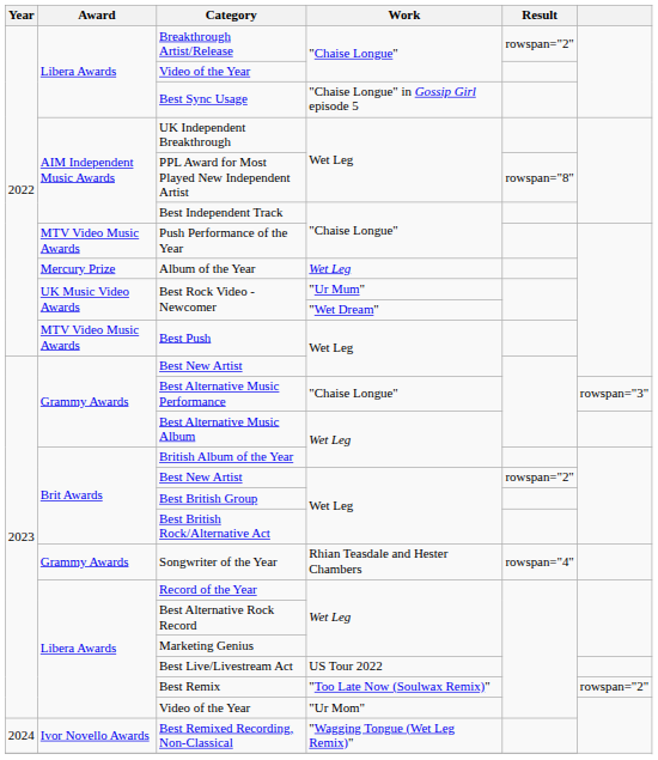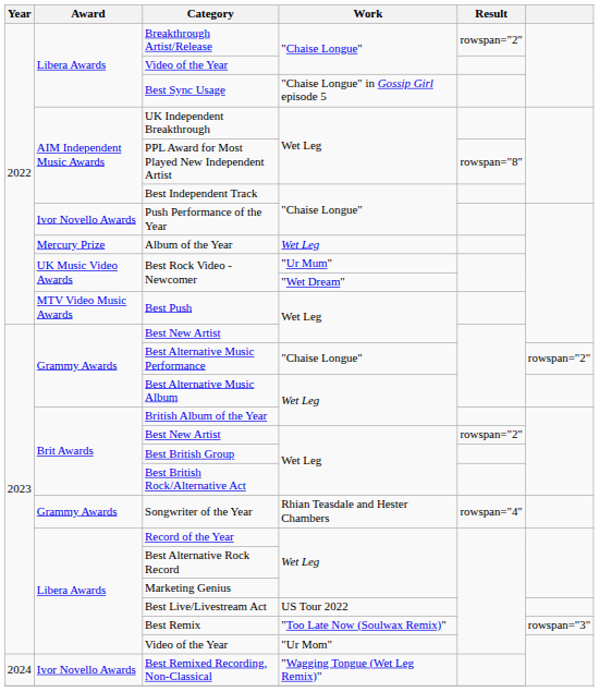 <table class="wikitable" style="width:90%;">
 <tr>
 <th width=5%>Year</th>
 <th style="width:20%;">Award</th>
 <th style="width:25%;">Category</th>
 <th style="width:35%;">Work</th>
 <th style="width:10%;">Result</th>
 <th scope="col" class="unsortable"></th>
 </tr>
 <tr>
 <td rowspan="11">2022</td>
 <td rowspan="3"><a href='#'>Libera Awards</a></td>
 <td><a href='#'>Breakthrough Artist/Release</a></td>
 <td rowspan="2">"<a href='#'>Chaise Longue</a>"</td>
 <td>rowspan="2" </td>
 <td rowspan="3"></td>
 </tr>
 <tr>
 <td><a href='#'>Video of the Year</a></td>
 </tr>
 <tr>
 <td><a href='#'>Best Sync Usage</a></td>
 <td>"Chaise Longue" in <em><a href='#'>Gossip Girl</a></em> episode 5</td>
 <td></td>
 </tr>
 <tr>
 <td rowspan="3"><a href='#'>AIM Independent Music Awards</a></td>
 <td>UK Independent Breakthrough</td>
 <td rowspan="2">Wet Leg</td>
 <td></td>
 <td rowspan="3"></td>
 </tr>
 <tr>
 <td>PPL Award for Most Played New Independent Artist</td>
 <td>rowspan="8" </td>
 </tr>
 <tr>
 <td>Best Independent Track</td>
 <td rowspan=2>"Chaise Longue"</td>
 </tr>
 <tr>
-<td><a href='#'>MTV Video Music Awards</a></td>
+<td><a href='#'>Ivor Novello Awards</a></td>
 <td>Push Performance of the Year</td>
 <td></td>
 </tr>
 <tr>
 <td><a href='#'>Mercury Prize</a></td>
 <td>Album of the Year</td>
 <td><em><a href='#'>Wet Leg</a></em></td>
 <td></td>
 </tr>
 <tr>
 <td rowspan="2"><a href='#'>UK Music Video Awards</a></td>
 <td rowspan="2">Best Rock Video - Newcomer</td>
 <td>"<a href='#'>Ur Mum</a>"</td>
 <td rowspan="2"></td>
 </tr>
 <tr>
 <td>"<a href='#'>Wet Dream</a>"</td>
 </tr>
 <tr>
 <td><a href='#'>MTV Video Music Awards</a></td>
 <td><a href='#'>Best Push</a></td>
 <td rowspan=2>Wet Leg</td>
 <td></td>
 </tr>
 <tr>
 <td rowspan=14>2023</td>
 <td rowspan="3"><a href='#'>Grammy Awards</a></td>
 <td><a href='#'>Best New Artist</a></td>
 <td rowspan="3"></td>
 </tr>
 <tr>
 <td><a href='#'>Best Alternative Music Performance</a></td>
 <td>"Chaise Longue"</td>
-<td>rowspan="3" </td>
+<td>rowspan="2" </td>
 </tr>
 <tr>
 <td><a href='#'>Best Alternative Music Album</a></td>
 <td rowspan=2><em>Wet Leg</em></td>
 </tr>
 <tr>
 <td rowspan=4><a href='#'>Brit Awards</a></td>
 <td><a href='#'>British Album of the Year</a></td>
 <td></td>
 <td rowspan=4></td>
 </tr>
 <tr>
 <td><a href='#'>Best New Artist</a></td>
 <td rowspan=3>Wet Leg</td>
 <td>rowspan="2" </td>
 </tr>
 <tr>
 <td><a href='#'>Best British Group</a></td>
 </tr>
 <tr>
 <td><a href='#'>Best British Rock/Alternative Act</a></td>
 <td></td>
 </tr>
 <tr>
 <td><a href='#'>Grammy Awards</a></td>
 <td>Songwriter of the Year</td>
 <td>Rhian Teasdale and Hester Chambers</td>
 <td>rowspan="4" </td>
 <td></td>
 </tr>
 <tr>
 <td rowspan="6"><a href='#'>Libera Awards</a></td>
 <td><a href='#'>Record of the Year</a></td>
 <td rowspan="3"><em>Wet Leg</em></td>
 <td rowspan="6"></td>
 </tr>
 <tr>
 <td>Best Alternative Rock Record</td>
 </tr>
 <tr>
 <td>Marketing Genius</td>
 </tr>
 <tr>
 <td>Best Live/Livestream Act</td>
 <td>US Tour 2022</td>
 <td></td>
 </tr>
 <tr>
 <td>Best Remix</td>
 <td>"<a href='#'>Too Late Now (Soulwax Remix)</a>"</td>
-<td>rowspan="2" </td>
+<td>rowspan="3" </td>
 </tr>
 <tr>
 <td>Video of the Year</td>
 <td>"Ur Mom"</td>
 </tr>
 <tr>
 <td>2024</td>
 <td><a href='#'>Ivor Novello Awards</a></td>
 <td><a href='#'>Best Remixed Recording, Non-Classical</a></td>
 <td>"<a href='#'>Wagging Tongue (Wet Leg Remix)</a>"</td>
 <td></td>
 </tr>
 <tr>
 </tr>
 </table>
